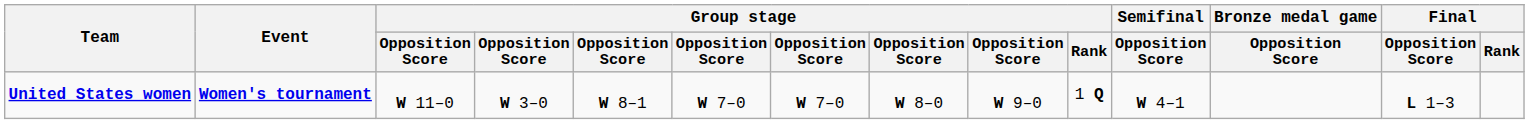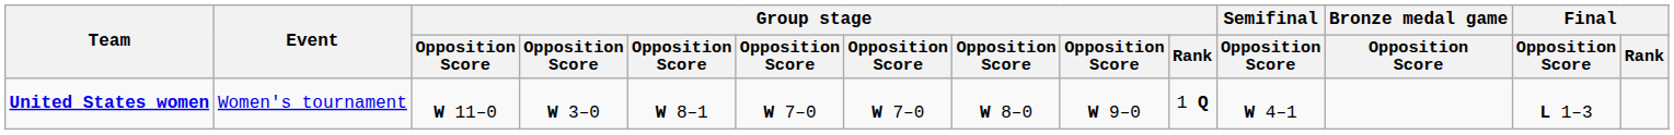 <table class=wikitable style=font-size:90%;text-align:center>
 <tr>
 <th rowspan=2>Team</th>
 <th rowspan=2>Event</th>
 <th colspan=8>Group stage</th>
 <th>Semifinal</th>
 <th>Bronze medal game</th>
 <th colspan=2>Final</th>
 </tr>
 <tr style=font-size:95%>
 <th>Opposition<br>Score</th>
 <th>Opposition<br>Score</th>
 <th>Opposition<br>Score</th>
 <th>Opposition<br>Score</th>
 <th>Opposition<br>Score</th>
 <th>Opposition<br>Score</th>
 <th>Opposition<br>Score</th>
 <th>Rank</th>
 <th>Opposition<br>Score</th>
 <th>Opposition<br>Score</th>
 <th>Opposition<br>Score</th>
 <th>Rank</th>
 </tr>
 <tr>
 <td align=left><strong><a href='#'>United States women</a></strong></td>
-<td align=left><strong><a href='#'>Women's tournament</a></strong></td>
+<td align=left><a href='#'>Women's tournament</a></td>
 <td><br><strong>W</strong> 11–0</td>
 <td><br><strong>W</strong> 3–0</td>
 <td><br><strong>W</strong> 8–1</td>
 <td><br><strong>W</strong> 7–0</td>
 <td><br><strong>W</strong> 7–0</td>
 <td><br><strong>W</strong> 8–0</td>
 <td><br><strong>W</strong> 9–0</td>
 <td>1 <strong>Q</strong></td>
 <td><br><strong>W</strong> 4–1</td>
 <td></td>
 <td><br><strong>L</strong> 1–3</td>
 <td></td>
 </tr>
 </table>
